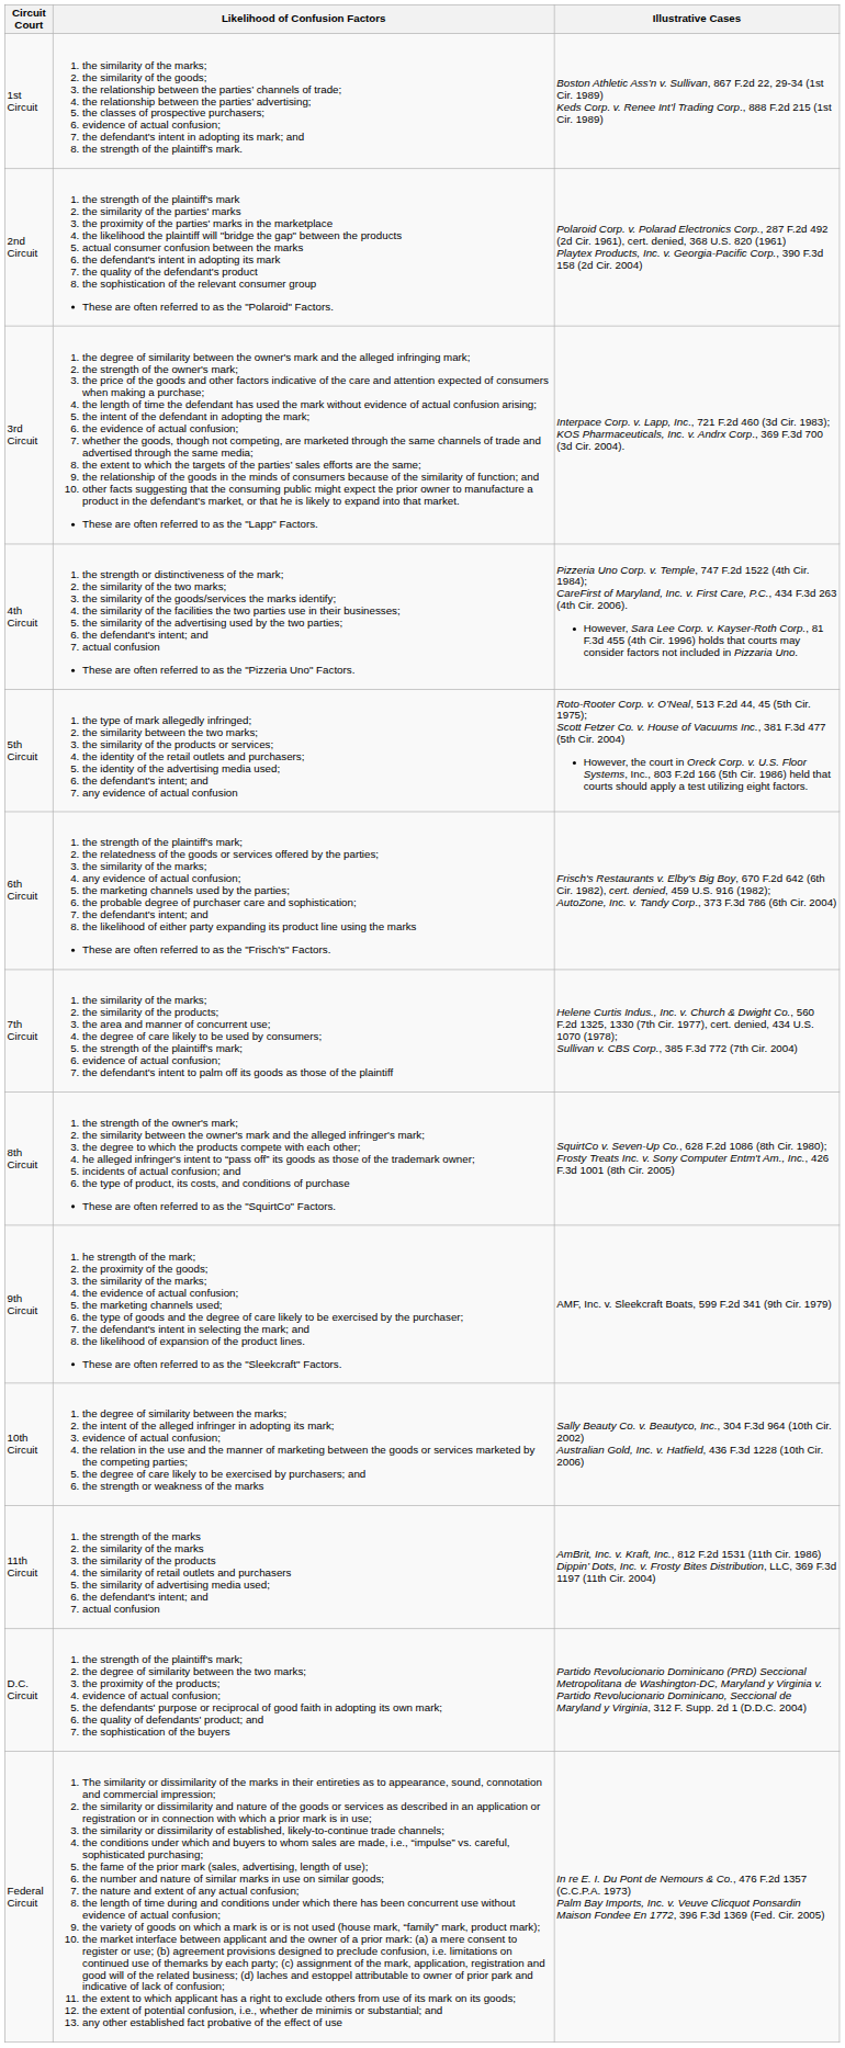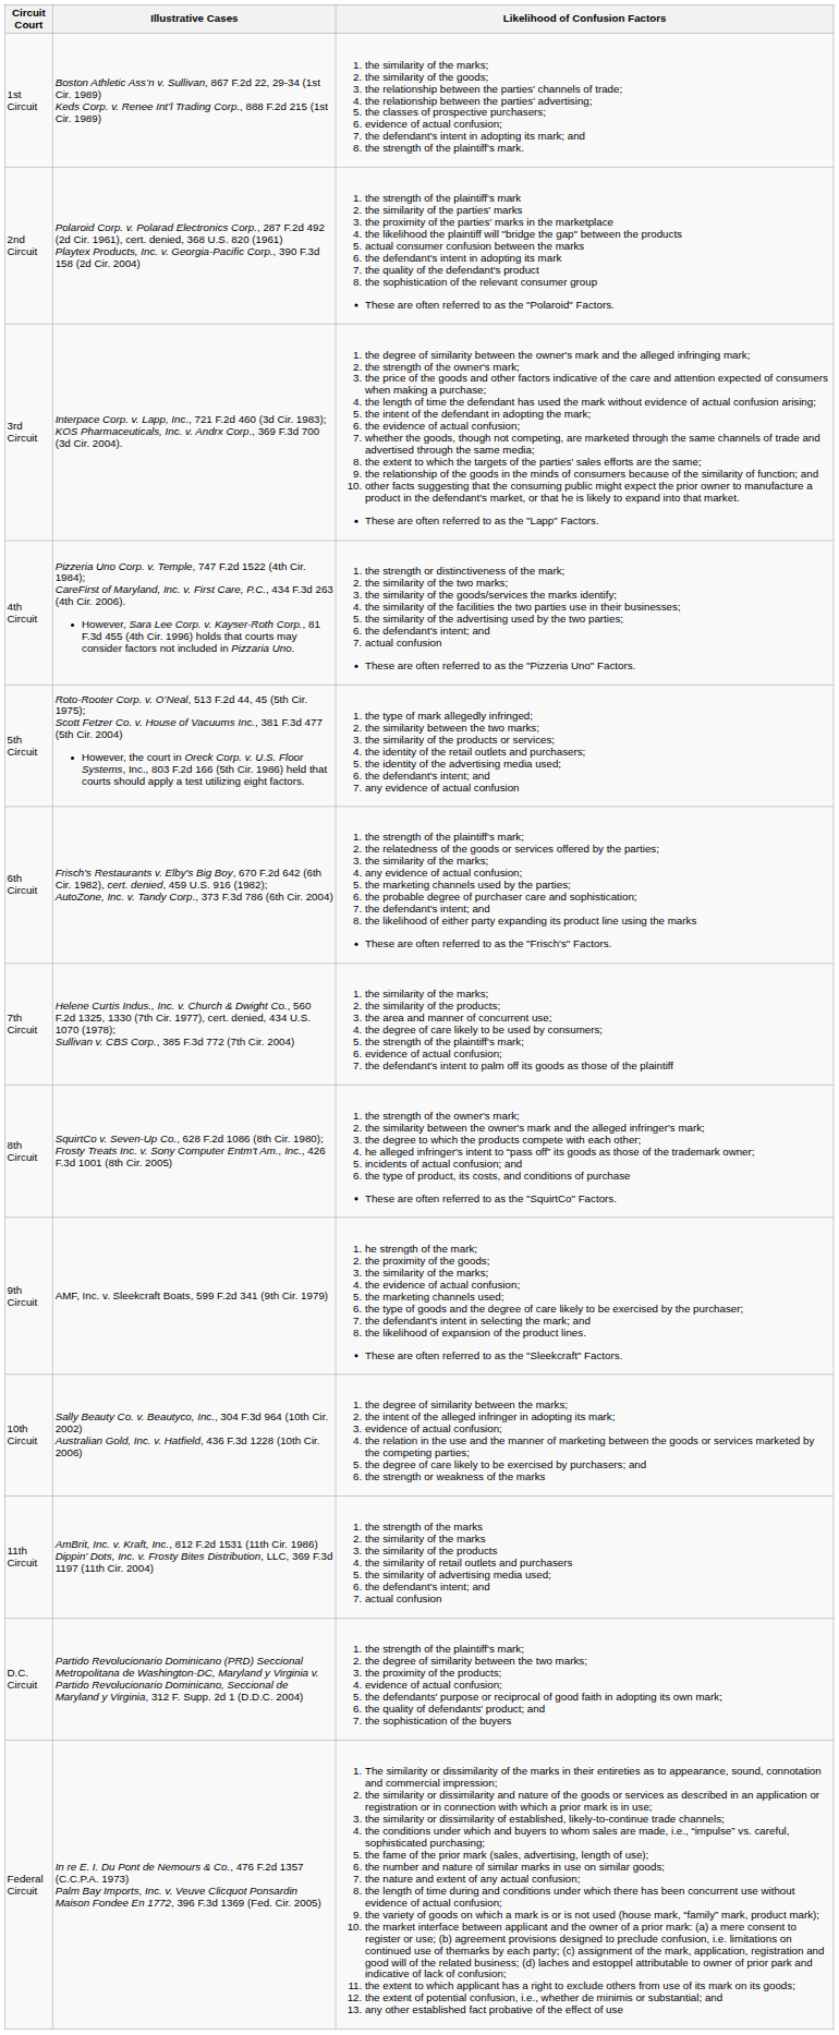 <table class="wikitable">
 <tr>
 <th>Circuit Court</th>
+<th>Illustrative Cases</th>
 <th>Likelihood of Confusion Factors</th>
-<th>Illustrative Cases</th>
 </tr>
 <tr>
 <td>1st Circuit</td>
+<td><em>Boston Athletic Ass’n v. Sullivan</em>, 867 F.2d 22, 29-34 (1st Cir. 1989)<br><em>Keds Corp. v. Renee Int’l Trading Corp</em>., 888 F.2d 215 (1st Cir. 1989)</td>
 <td><br><ol><li>the similarity of the marks;</li><li>the similarity of the goods;</li><li>the relationship between the parties’ channels of trade;</li><li>the relationship between the parties’ advertising;</li><li>the classes of prospective purchasers;</li><li>evidence of actual confusion;</li><li>the defendant's intent in adopting its mark; and</li><li>the strength of the plaintiff's mark.</li></ol></td>
-<td><em>Boston Athletic Ass’n v. Sullivan</em>, 867 F.2d 22, 29-34 (1st Cir. 1989)<br><em>Keds Corp. v. Renee Int’l Trading Corp</em>., 888 F.2d 215 (1st Cir. 1989)</td>
 </tr>
 <tr>
 <td>2nd Circuit</td>
+<td><em>Polaroid Corp. v. Polarad Electronics Corp.</em>, 287 F.2d 492 (2d Cir. 1961), cert. denied, 368 U.S. 820 (1961)<br><em>Playtex Products, Inc. v. Georgia-Pacific Corp.</em>, 390 F.3d 158 (2d Cir. 2004)</td>
 <td><br><ol><li>the strength of the plaintiff's mark </li><li>the similarity of the parties' marks </li><li>the proximity of the parties' marks in the marketplace </li><li>the likelihood the plaintiff will "bridge the gap" between the products </li><li>actual consumer confusion between the marks </li><li>the defendant's intent in adopting its mark </li><li>the quality of the defendant's product </li><li>the sophistication of the relevant consumer group </li></ol><ul><li>These are often referred to as the "Polaroid" Factors.</li></ul></td>
-<td><em>Polaroid Corp. v. Polarad Electronics Corp.</em>, 287 F.2d 492 (2d Cir. 1961), cert. denied, 368 U.S. 820 (1961)<br><em>Playtex Products, Inc. v. Georgia-Pacific Corp.</em>, 390 F.3d 158 (2d Cir. 2004)</td>
 </tr>
 <tr>
 <td>3rd Circuit</td>
+<td><em>Interpace Corp. v. Lapp, Inc</em>., 721 F.2d 460 (3d Cir. 1983);<br><em>KOS Pharmaceuticals, Inc. v. Andrx Corp</em>., 369 F.3d 700 (3d Cir. 2004).</td>
 <td><br><ol><li>the degree of similarity between the owner's mark and the alleged infringing mark;</li><li>the strength of the owner's mark;</li><li>the price of the goods and other factors indicative of the care and attention expected of consumers when making a purchase;</li><li>the length of time the defendant has used the mark without evidence of actual confusion arising;</li><li>the intent of the defendant in adopting the mark;</li><li>the evidence of actual confusion;</li><li>whether the goods, though not competing, are marketed through the same channels of trade and advertised through the same media;</li><li>the extent to which the targets of the parties’ sales efforts are the same;</li><li>the relationship of the goods in the minds of consumers because of the similarity of function; and </li><li>other facts suggesting that the consuming public might expect the prior owner to manufacture a product in the defendant's market, or that he is likely to expand into that market.</li></ol><ul><li>These are often referred to as the "Lapp" Factors.</li></ul></td>
-<td><em>Interpace Corp. v. Lapp, Inc</em>., 721 F.2d 460 (3d Cir. 1983);<br><em>KOS Pharmaceuticals, Inc. v. Andrx Corp</em>., 369 F.3d 700 (3d Cir. 2004).</td>
 </tr>
 <tr>
 <td>4th Circuit</td>
+<td><em>Pizzeria Uno Corp. v. Temple</em>, 747 F.2d 1522 (4th Cir. 1984);<br><em>CareFirst of Maryland, Inc. v. First Care, P.C.</em>, 434 F.3d 263 (4th Cir. 2006).<ul><li>However, <em>Sara Lee Corp. v. Kayser-Roth Corp.</em>, 81 F.3d 455 (4th Cir. 1996) holds that courts may consider factors not included in <em>Pizzaria Uno</em>.</li></ul></td>
 <td><br><ol><li>the strength or distinctiveness of the mark;</li><li>the similarity of the two marks;</li><li>the similarity of the goods/services the marks identify;</li><li>the similarity of the facilities the two parties use in their businesses;</li><li>the similarity of the advertising used by the two parties;</li><li>the defendant's intent; and</li><li>actual confusion</li></ol><ul><li>These are often referred to as the "Pizzeria Uno" Factors.</li></ul></td>
-<td><em>Pizzeria Uno Corp. v. Temple</em>, 747 F.2d 1522 (4th Cir. 1984);<br><em>CareFirst of Maryland, Inc. v. First Care, P.C.</em>, 434 F.3d 263 (4th Cir. 2006).<ul><li>However, <em>Sara Lee Corp. v. Kayser-Roth Corp.</em>, 81 F.3d 455 (4th Cir. 1996) holds that courts may consider factors not included in <em>Pizzaria Uno</em>.</li></ul></td>
 </tr>
 <tr>
 <td>5th Circuit</td>
+<td><em>Roto-Rooter Corp. v. O’Neal</em>, 513 F.2d 44, 45 (5th Cir. 1975);<br><em>Scott Fetzer Co. v. House of Vacuums Inc.</em>, 381 F.3d 477 (5th Cir. 2004)<ul><li>However, the court in <em>Oreck Corp. v. U.S. Floor Systems</em>, Inc., 803 F.2d 166 (5th Cir. 1986) held that courts should apply a test utilizing eight factors.</li></ul></td>
 <td><br><ol><li>the type of mark allegedly infringed;</li><li>the similarity between the two marks;</li><li>the similarity of the products or services;</li><li>the identity of the retail outlets and purchasers;</li><li>the identity of the advertising media used;</li><li>the defendant's intent; and</li><li>any evidence of actual confusion</li></ol></td>
-<td><em>Roto-Rooter Corp. v. O’Neal</em>, 513 F.2d 44, 45 (5th Cir. 1975);<br><em>Scott Fetzer Co. v. House of Vacuums Inc.</em>, 381 F.3d 477 (5th Cir. 2004)<ul><li>However, the court in <em>Oreck Corp. v. U.S. Floor Systems</em>, Inc., 803 F.2d 166 (5th Cir. 1986) held that courts should apply a test utilizing eight factors.</li></ul></td>
 </tr>
 <tr>
 <td>6th Circuit</td>
+<td><em>Frisch's Restaurants v. Elby's Big Boy</em>, 670 F.2d 642 (6th Cir. 1982), <em>cert. denied</em>, 459 U.S. 916 (1982);<br><em>AutoZone, Inc. v. Tandy Corp</em>., 373 F.3d 786 (6th Cir. 2004)</td>
 <td><br><ol><li>the strength of the plaintiff's mark;</li><li>the relatedness of the goods or services offered by the parties;</li><li>the similarity of the marks;</li><li>any evidence of actual confusion;</li><li>the marketing channels used by the parties;</li><li>the probable degree of purchaser care and sophistication;</li><li>the defendant's intent; and</li><li>the likelihood of either party expanding its product line using the marks</li></ol><ul><li>These are often referred to as the "Frisch's" Factors.</li></ul></td>
-<td><em>Frisch's Restaurants v. Elby's Big Boy</em>, 670 F.2d 642 (6th Cir. 1982), <em>cert. denied</em>, 459 U.S. 916 (1982);<br><em>AutoZone, Inc. v. Tandy Corp</em>., 373 F.3d 786 (6th Cir. 2004)</td>
 </tr>
 <tr>
 <td>7th Circuit</td>
+<td><em>Helene Curtis Indus., Inc. v. Church & Dwight Co.</em>, 560 F.2d 1325, 1330 (7th Cir. 1977), cert. denied, 434 U.S. 1070 (1978);<br><em>Sullivan v. CBS Corp.</em>, 385 F.3d 772 (7th Cir. 2004)</td>
 <td><br><ol><li>the similarity of the marks;</li><li>the similarity of the products;</li><li>the area and manner of concurrent use;</li><li>the degree of care likely to be used by consumers;</li><li>the strength of the plaintiff's mark;</li><li>evidence of actual confusion;</li><li>the defendant's intent to palm off its goods as those of the plaintiff </li></ol></td>
-<td><em>Helene Curtis Indus., Inc. v. Church & Dwight Co.</em>, 560 F.2d 1325, 1330 (7th Cir. 1977), cert. denied, 434 U.S. 1070 (1978);<br><em>Sullivan v. CBS Corp.</em>, 385 F.3d 772 (7th Cir. 2004)</td>
 </tr>
 <tr>
 <td>8th Circuit</td>
+<td><em>SquirtCo v. Seven-Up Co.</em>, 628 F.2d 1086 (8th Cir. 1980);<br><em>Frosty Treats Inc. v. Sony Computer Entm't Am., Inc.</em>, 426 F.3d 1001 (8th Cir. 2005)</td>
 <td><br><ol><li>the strength of the owner's mark;</li><li>the similarity between the owner's mark and the alleged infringer's mark;</li><li>the degree to which the products compete with each other;</li><li>he alleged infringer's intent to “pass off” its goods as those of the trademark owner;</li><li>incidents of actual confusion; and</li><li>the type of product, its costs, and conditions of purchase </li></ol><ul><li>These are often referred to as the "SquirtCo" Factors.</li></ul></td>
-<td><em>SquirtCo v. Seven-Up Co.</em>, 628 F.2d 1086 (8th Cir. 1980);<br><em>Frosty Treats Inc. v. Sony Computer Entm't Am., Inc.</em>, 426 F.3d 1001 (8th Cir. 2005)</td>
 </tr>
 <tr>
 <td>9th Circuit</td>
+<td>AMF, Inc. v. Sleekcraft Boats, 599 F.2d 341 (9th Cir. 1979)</td>
 <td><br><ol><li>he strength of the mark;</li><li>the proximity of the goods;</li><li>the similarity of the marks;</li><li>the evidence of actual confusion;</li><li>the marketing channels used;</li><li>the type of goods and the degree of care likely to be exercised by the purchaser;</li><li>the defendant's intent in selecting the mark; and</li><li>the likelihood of expansion of the product lines.</li></ol><ul><li>These are often referred to as the "Sleekcraft" Factors.</li></ul></td>
-<td>AMF, Inc. v. Sleekcraft Boats, 599 F.2d 341 (9th Cir. 1979)</td>
 </tr>
 <tr>
 <td>10th Circuit</td>
+<td><em>Sally Beauty Co. v. Beautyco, Inc.</em>, 304 F.3d 964 (10th Cir. 2002)<br><em>Australian Gold, Inc. v. Hatfield</em>, 436 F.3d 1228 (10th Cir. 2006)</td>
 <td><br><ol><li>the degree of similarity between the marks;</li><li>the intent of the alleged infringer in adopting its mark;</li><li>evidence of actual confusion;</li><li>the relation in the use and the manner of marketing between the goods or services marketed by the competing parties;</li><li>the degree of care likely to be exercised by purchasers; and</li><li>the strength or weakness of the marks </li></ol></td>
-<td><em>Sally Beauty Co. v. Beautyco, Inc.</em>, 304 F.3d 964 (10th Cir. 2002)<br><em>Australian Gold, Inc. v. Hatfield</em>, 436 F.3d 1228 (10th Cir. 2006)</td>
 </tr>
 <tr>
 <td>11th Circuit</td>
+<td><em>AmBrit, Inc. v. Kraft, Inc.</em>, 812 F.2d 1531 (11th Cir. 1986)<br><em>Dippin’ Dots, Inc. v. Frosty Bites Distribution</em>, LLC, 369 F.3d 1197 (11th Cir. 2004)</td>
 <td><br><ol><li>the strength of the marks </li><li>the similarity of the marks </li><li>the similarity of the products </li><li>the similarity of retail outlets and purchasers </li><li>the similarity of advertising media used;</li><li>the defendant's intent; and</li><li>actual confusion </li></ol></td>
-<td><em>AmBrit, Inc. v. Kraft, Inc.</em>, 812 F.2d 1531 (11th Cir. 1986)<br><em>Dippin’ Dots, Inc. v. Frosty Bites Distribution</em>, LLC, 369 F.3d 1197 (11th Cir. 2004)</td>
 </tr>
 <tr>
 <td>D.C. Circuit</td>
+<td><em>Partido Revolucionario Dominicano (PRD) Seccional Metropolitana de Washington-DC, Maryland y Virginia v. Partido Revolucionario Dominicano, Seccional de Maryland y Virginia</em>, 312 F. Supp. 2d 1 (D.D.C. 2004)</td>
 <td><br><ol><li>the strength of the plaintiff's mark;</li><li>the degree of similarity between the two marks;</li><li>the proximity of the products;</li><li>evidence of actual confusion;</li><li>the defendants' purpose or reciprocal of good faith in adopting its own mark;</li><li>the quality of defendants' product; and</li><li>the sophistication of the buyers </li></ol></td>
-<td><em>Partido Revolucionario Dominicano (PRD) Seccional Metropolitana de Washington-DC, Maryland y Virginia v. Partido Revolucionario Dominicano, Seccional de Maryland y Virginia</em>, 312 F. Supp. 2d 1 (D.D.C. 2004)</td>
 </tr>
 <tr>
 <td>Federal Circuit</td>
+<td><em>In re E. I. Du Pont de Nemours & Co.</em>, 476 F.2d 1357 (C.C.P.A. 1973)<br><em>Palm Bay Imports, Inc. v. Veuve Clicquot Ponsardin Maison Fondee En 1772</em>, 396 F.3d 1369 (Fed. Cir. 2005)</td>
 <td><br><ol><li>The similarity or dissimilarity of the marks in their entireties as to appearance, sound, connotation and commercial impression;</li><li>the similarity or dissimilarity and nature of the goods or services as described in an application or registration or in connection with which a prior mark is in use;</li><li>the similarity or dissimilarity of established, likely-to-continue trade channels;</li><li>the conditions under which and buyers to whom sales are made, i.e., “impulse” vs. careful, sophisticated purchasing;</li><li>the fame of the prior mark (sales, advertising, length of use);</li><li>the number and nature of similar marks in use on similar goods;</li><li>the nature and extent of any actual confusion;</li><li>the length of time during and conditions under which there has been concurrent use without evidence of actual confusion;</li><li>the variety of goods on which a mark is or is not used (house mark, “family” mark, product mark);</li><li>the market interface between applicant and the owner of a prior mark: (a) a mere consent to register or use; (b) agreement provisions designed to preclude confusion, i.e. limitations on continued use of themarks by each party; (c) assignment of the mark, application, registration and good will of the related business; (d) laches and estoppel attributable to owner of prior park and indicative of lack of confusion;</li><li>the extent to which applicant has a right to exclude others from use of its mark on its goods;</li><li>the extent of potential confusion, i.e., whether de minimis or substantial; and</li><li>any other established fact probative of the effect of use </li></ol></td>
-<td><em>In re E. I. Du Pont de Nemours & Co.</em>, 476 F.2d 1357 (C.C.P.A. 1973)<br><em>Palm Bay Imports, Inc. v. Veuve Clicquot Ponsardin Maison Fondee En 1772</em>, 396 F.3d 1369 (Fed. Cir. 2005)</td>
 </tr>
 </table>
